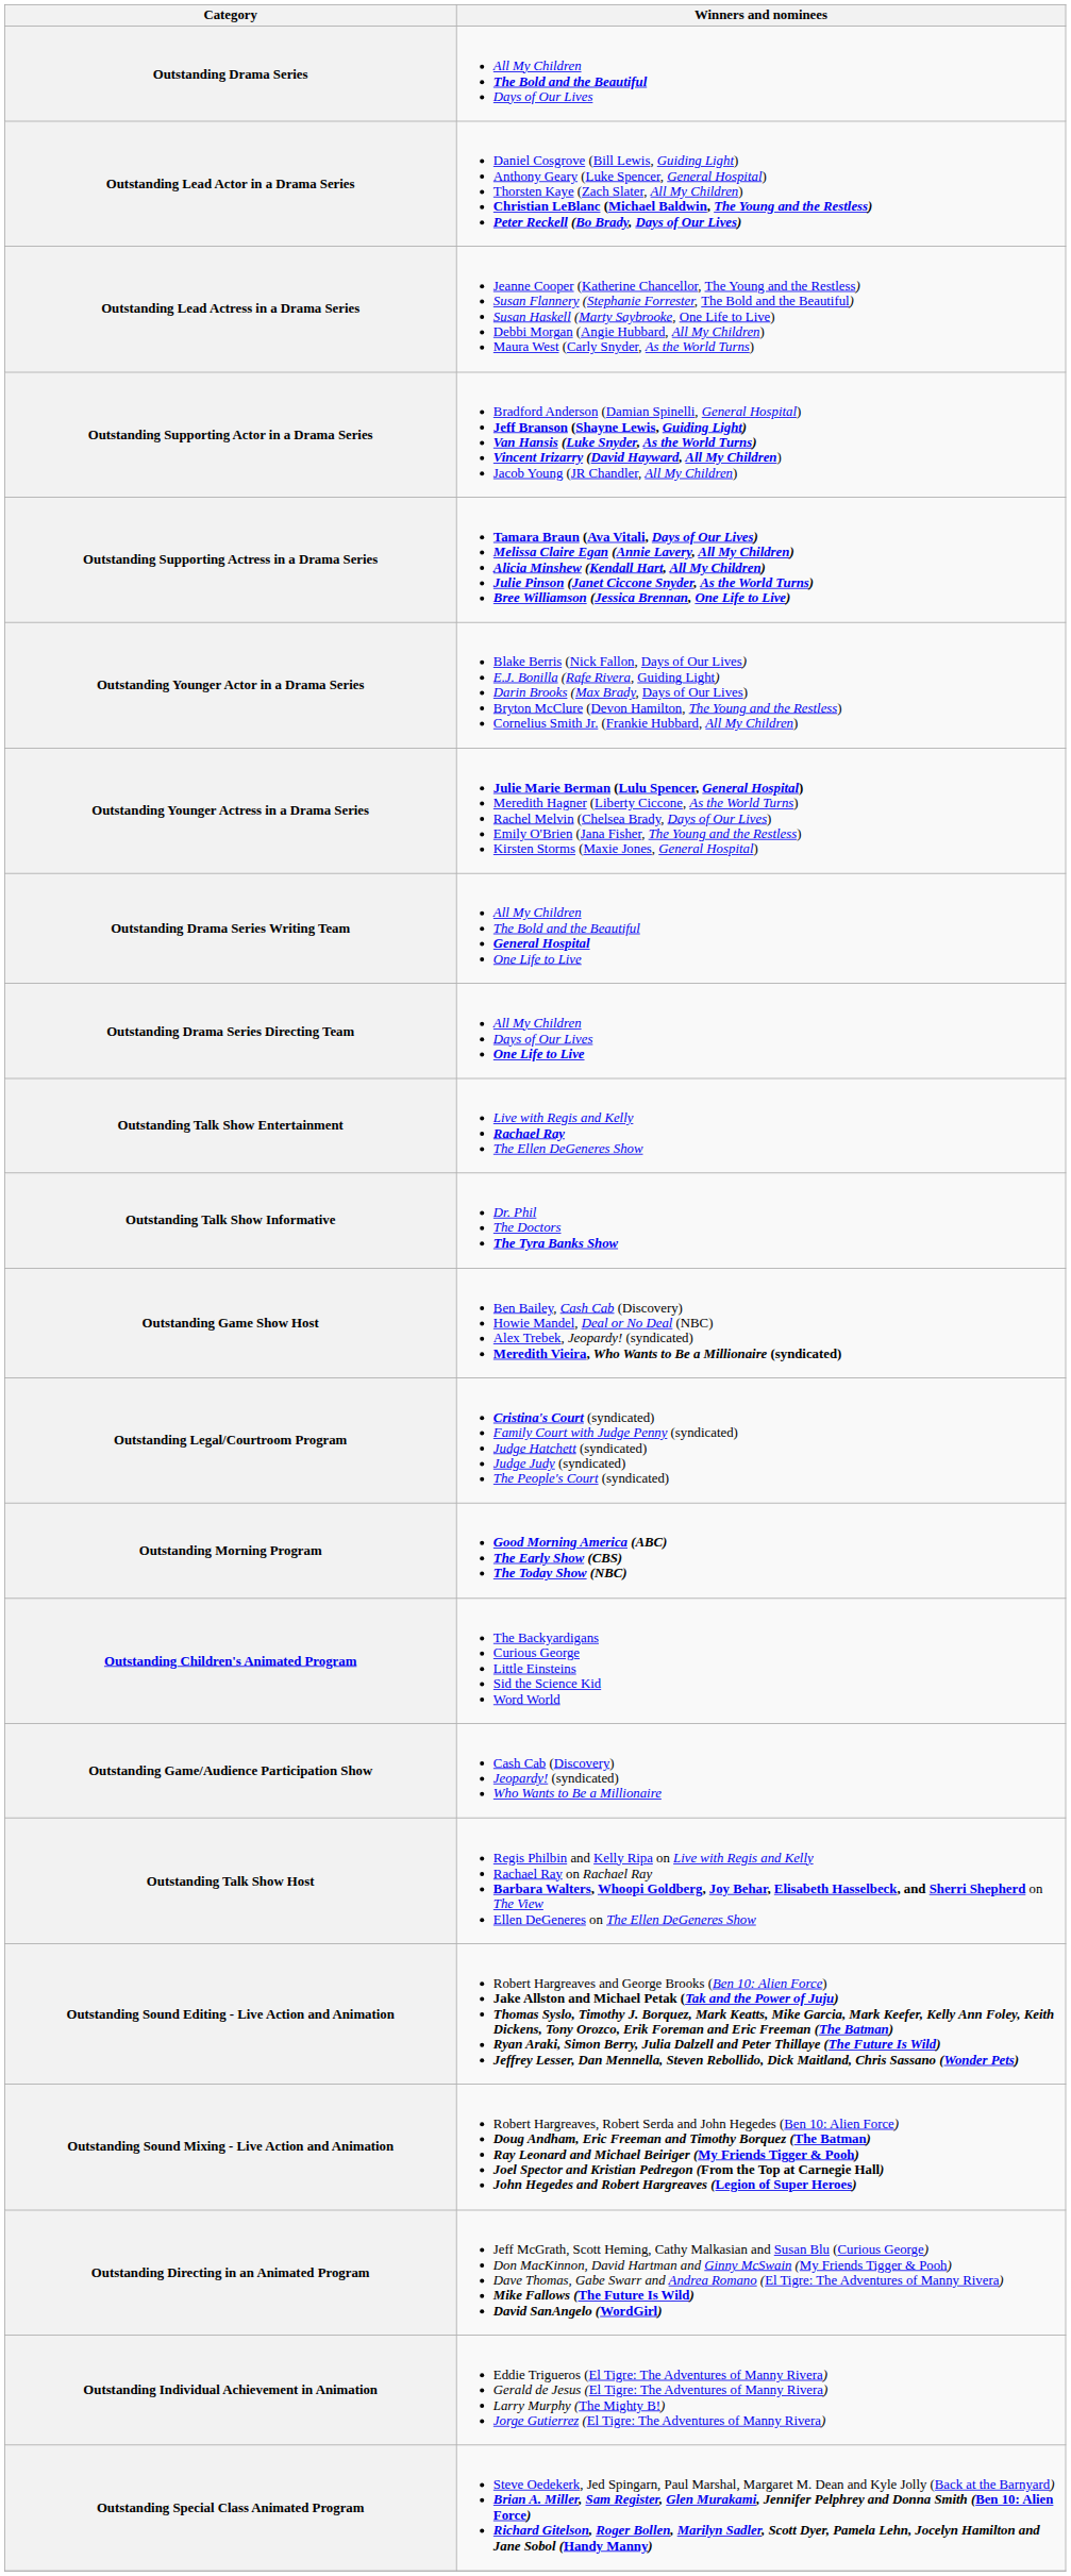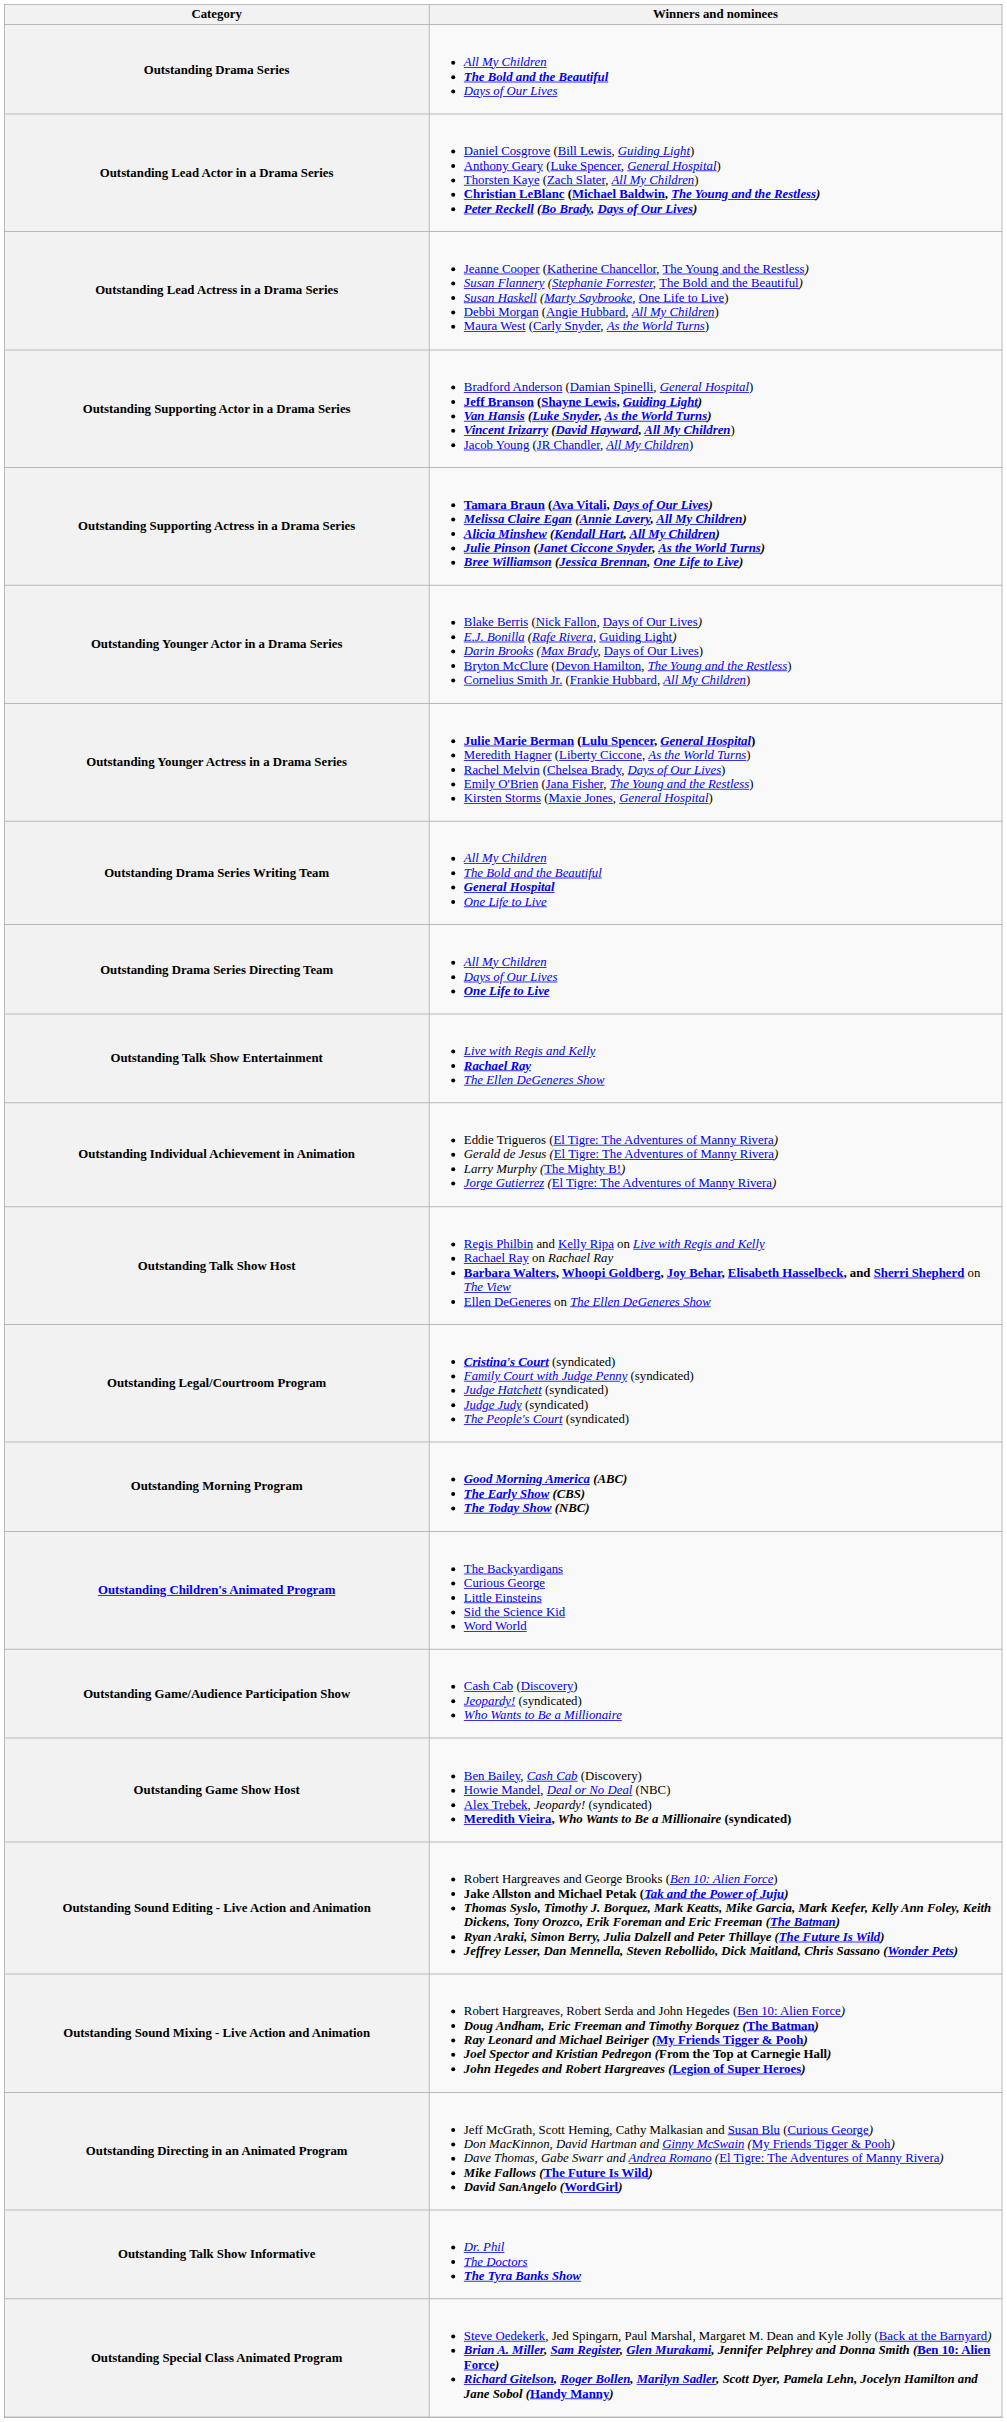 <table class="wikitable sortable">
 <tr>
 <th scope="col"  style="width:20%;">Category</th>
 <th scope="col" style="width:27%;">Winners and nominees</th>
 </tr>
 <tr>
 <th scope="row" style="width=50%">Outstanding Drama Series</th>
 <td><br><ul><li><em><a href='#'>All My Children</a></em></li><li><strong><em><a href='#'>The Bold and the Beautiful</a></em></strong></li><li><em><a href='#'>Days of Our Lives</a></em></li></ul></td>
 </tr>
 <tr>
 <th scope="row" style="width=50%">Outstanding Lead Actor in a Drama Series</th>
 <td><br><ul><li><a href='#'>Daniel Cosgrove</a> (<a href='#'>Bill Lewis</a>, <em><a href='#'>Guiding Light</a></em>)</li><li><a href='#'>Anthony Geary</a> (<a href='#'>Luke Spencer</a>, <em><a href='#'>General Hospital</a></em>)</li><li><a href='#'>Thorsten Kaye</a> (<a href='#'>Zach Slater</a>, <em><a href='#'>All My Children</a></em>)</li><li><strong><a href='#'>Christian LeBlanc</a> (<a href='#'>Michael Baldwin</a>, <em><a href='#'>The Young and the Restless</a><strong><em>)</li><li><a href='#'>Peter Reckell</a> (<a href='#'>Bo Brady</a>, </em><a href='#'>Days of Our Lives</a><em>)</li></ul></td>
 </tr>
 <tr>
 <th scope="row" style="width=50%">Outstanding Lead Actress in a Drama Series</th>
 <td><br><ul><li><a href='#'>Jeanne Cooper</a> (<a href='#'>Katherine Chancellor</a>, </em><a href='#'>The Young and the Restless</a><em>)</li><li><a href='#'>Susan Flannery</a> (<a href='#'>Stephanie Forrester</a>, </em><a href='#'>The Bold and the Beautiful</a><em>)</li><li></strong><a href='#'>Susan Haskell</a> (<a href='#'>Marty Saybrooke</a>, </em><a href='#'>One Life to Live</a></em></strong>)</li><li><a href='#'>Debbi Morgan</a> (<a href='#'>Angie Hubbard</a>, <em><a href='#'>All My Children</a></em>)</li><li><a href='#'>Maura West</a> (<a href='#'>Carly Snyder</a>, <em><a href='#'>As the World Turns</a></em>)</li></ul></td>
 </tr>
 <tr>
 <th scope="row" style="width=50%">Outstanding Supporting Actor in a Drama Series</th>
 <td><br><ul><li><a href='#'>Bradford Anderson</a> (<a href='#'>Damian Spinelli</a>, <em><a href='#'>General Hospital</a></em>)</li><li><strong><a href='#'>Jeff Branson</a> (<a href='#'>Shayne Lewis</a>, <em><a href='#'>Guiding Light</a><strong><em>)</li><li><a href='#'>Van Hansis</a> (<a href='#'>Luke Snyder</a>, </em><a href='#'>As the World Turns</a><em>)</li><li></strong><a href='#'>Vincent Irizarry</a> (<a href='#'>David Hayward</a>, </em><a href='#'>All My Children</a></em></strong>)</li><li><a href='#'>Jacob Young</a> (<a href='#'>JR Chandler</a>, <em><a href='#'>All My Children</a></em>)</li></ul></td>
 </tr>
 <tr>
 <th scope="row" style="width=50%">Outstanding Supporting Actress in a Drama Series</th>
 <td><br><ul><li><strong><a href='#'>Tamara Braun</a> (<a href='#'>Ava Vitali</a>, <em><a href='#'>Days of Our Lives</a><strong><em>)</li><li><a href='#'>Melissa Claire Egan</a> (<a href='#'>Annie Lavery</a>, </em><a href='#'>All My Children</a><em>)</li><li><a href='#'>Alicia Minshew</a> (<a href='#'>Kendall Hart</a>, </em><a href='#'>All My Children</a><em>)</li><li><a href='#'>Julie Pinson</a> (<a href='#'>Janet Ciccone Snyder</a>, </em><a href='#'>As the World Turns</a><em>)</li><li><a href='#'>Bree Williamson</a> (<a href='#'>Jessica Brennan</a>, </em><a href='#'>One Life to Live</a><em>)</li></ul></td>
 </tr>
 <tr>
 <th scope="row" style="width=50%">Outstanding Younger Actor in a Drama Series</th>
 <td><br><ul><li><a href='#'>Blake Berris</a> (<a href='#'>Nick Fallon</a>, </em><a href='#'>Days of Our Lives</a><em>)</li><li><a href='#'>E.J. Bonilla</a> (<a href='#'>Rafe Rivera</a>, </em><a href='#'>Guiding Light</a><em>)</li><li></strong><a href='#'>Darin Brooks</a> (<a href='#'>Max Brady</a>, </em><a href='#'>Days of Our Lives</a></em></strong>)</li><li><a href='#'>Bryton McClure</a> (<a href='#'>Devon Hamilton</a>, <em><a href='#'>The Young and the Restless</a></em>)</li><li><a href='#'>Cornelius Smith Jr.</a> (<a href='#'>Frankie Hubbard</a>, <em><a href='#'>All My Children</a></em>)</li></ul></td>
 </tr>
 <tr>
 <th scope="row" style="width=50%">Outstanding Younger Actress in a Drama Series</th>
 <td><br><ul><li><strong><a href='#'>Julie Marie Berman</a> (<a href='#'>Lulu Spencer</a>, <em><a href='#'>General Hospital</a></em>)</strong></li><li><a href='#'>Meredith Hagner</a> (<a href='#'>Liberty Ciccone</a>, <em><a href='#'>As the World Turns</a></em>)</li><li><a href='#'>Rachel Melvin</a> (<a href='#'>Chelsea Brady</a>, <em><a href='#'>Days of Our Lives</a></em>)</li><li><a href='#'>Emily O'Brien</a> (<a href='#'>Jana Fisher</a>, <em><a href='#'>The Young and the Restless</a></em>)</li><li><a href='#'>Kirsten Storms</a> (<a href='#'>Maxie Jones</a>, <em><a href='#'>General Hospital</a></em>)</li></ul></td>
 </tr>
 <tr>
 <th scope="row" style="width=50%">Outstanding Drama Series Writing Team</th>
 <td><br><ul><li><em><a href='#'>All My Children</a></em></li><li><em><a href='#'>The Bold and the Beautiful</a></em></li><li><strong><em><a href='#'>General Hospital</a></em></strong></li><li><em><a href='#'>One Life to Live</a></em></li></ul></td>
 </tr>
 <tr>
 <th scope="row" style="width=50%">Outstanding Drama Series Directing Team</th>
 <td><br><ul><li><em><a href='#'>All My Children</a></em></li><li><em><a href='#'>Days of Our Lives</a></em></li><li><strong><em><a href='#'>One Life to Live</a></em></strong></li></ul></td>
 </tr>
 <tr>
 <th scope="row" style="width=50%">Outstanding Talk Show Entertainment</th>
 <td><br><ul><li><em><a href='#'>Live with Regis and Kelly</a></em></li><li><strong><em><a href='#'>Rachael Ray</a></em></strong></li><li><em><a href='#'>The Ellen DeGeneres Show</a></em></li></ul></td>
 </tr>
 <tr>
-<th scope="row" style="width=50%">Outstanding Talk Show Informative</th>
-<td><br><ul><li><em><a href='#'>Dr. Phil</a></em></li><li><em><a href='#'>The Doctors</a></em></li><li><strong><em><a href='#'>The Tyra Banks Show</a></em></strong></li></ul></td>
+<th scope="row" style="width=50%">Outstanding Individual Achievement in Animation</th>
+<td><br><ul><li></strong>Eddie Trigueros (</em><a href='#'>El Tigre: The Adventures of Manny Rivera</a><em>)<strong></li><li></strong>Gerald de Jesus (</em><a href='#'>El Tigre: The Adventures of Manny Rivera</a><em>)<strong></li><li></strong>Larry Murphy (</em><a href='#'>The Mighty B!</a><em>)<strong></li><li></strong><a href='#'>Jorge Gutierrez</a> (</em><a href='#'>El Tigre: The Adventures of Manny Rivera</a><em>)<strong></li></ul></td>
 </tr>
 <tr>
-<th scope="row" style="width=50%">Outstanding Game Show Host</th>
-<td><br><ul><li><a href='#'>Ben Bailey</a>, <em><a href='#'>Cash Cab</a></em> (Discovery)</li><li><a href='#'>Howie Mandel</a>, <em><a href='#'>Deal or No Deal</a></em> (NBC)</li><li><a href='#'>Alex Trebek</a>, <em>Jeopardy!</em> (syndicated)</li><li><strong><a href='#'>Meredith Vieira</a>, <em>Who Wants to Be a Millionaire</em> (syndicated)</strong></li></ul></td>
+<th scope="row" style="width=50%">Outstanding Talk Show Host</th>
+<td><br><ul><li><a href='#'>Regis Philbin</a> and <a href='#'>Kelly Ripa</a> on <em><a href='#'>Live with Regis and Kelly</a></em></li><li><a href='#'>Rachael Ray</a> on <em>Rachael Ray</em></li><li><strong><a href='#'>Barbara Walters</a>, <a href='#'>Whoopi Goldberg</a>, <a href='#'>Joy Behar</a>, <a href='#'>Elisabeth Hasselbeck</a>, and <a href='#'>Sherri Shepherd</a></strong> on <em><a href='#'>The View</a></em></li><li><a href='#'>Ellen DeGeneres</a> on <em><a href='#'>The Ellen DeGeneres Show</a></em></li></ul></td>
 </tr>
 <tr>
 <th scope="row" style="width=50%">Outstanding Legal/Courtroom Program</th>
 <td><br><ul><li><strong><em><a href='#'>Cristina's Court</a></em></strong> (syndicated)</li><li><em><a href='#'>Family Court with Judge Penny</a></em> (syndicated)</li><li><em><a href='#'>Judge Hatchett</a></em> (syndicated)</li><li><em><a href='#'>Judge Judy</a></em> (syndicated)</li><li><em><a href='#'>The People's Court</a></em> (syndicated)</li></ul></td>
 </tr>
 <tr>
 <th scope="row" style="width=50%">Outstanding Morning Program</th>
 <td><br><ul><li><strong><em><a href='#'>Good Morning America</a><em> (ABC)<strong></li><li></em><a href='#'>The Early Show</a><em> (CBS)</li><li></em><a href='#'>The Today Show</a><em> (NBC)</li></ul></td>
 </tr>
 <tr>
 <th scope="row" style="width=50%"><a href='#'>Outstanding Children's Animated Program</a></th>
 <td><br><ul><li></em><a href='#'>The Backyardigans</a><em></li><li></em><a href='#'>Curious George</a><em></li><li></em><a href='#'>Little Einsteins</a><em></li><li></em><a href='#'>Sid the Science Kid</a><em></li><li></em></strong><a href='#'>Word World</a><strong><em></li></ul></td>
 </tr>
 <tr>
 <th scope="row" style="width=50%">Outstanding Game/Audience Participation Show</th>
 <td><br><ul><li></em></strong><a href='#'>Cash Cab</a></em> (<a href='#'>Discovery</a>)</strong></li><li><em><a href='#'>Jeopardy!</a></em> (syndicated)</li><li><em><a href='#'>Who Wants to Be a Millionaire</a></em></li></ul></td>
 </tr>
 <tr>
-<th scope="row" style="width=50%">Outstanding Talk Show Host</th>
-<td><br><ul><li><a href='#'>Regis Philbin</a> and <a href='#'>Kelly Ripa</a> on <em><a href='#'>Live with Regis and Kelly</a></em></li><li><a href='#'>Rachael Ray</a> on <em>Rachael Ray</em></li><li><strong><a href='#'>Barbara Walters</a>, <a href='#'>Whoopi Goldberg</a>, <a href='#'>Joy Behar</a>, <a href='#'>Elisabeth Hasselbeck</a>, and <a href='#'>Sherri Shepherd</a></strong> on <em><a href='#'>The View</a></em></li><li><a href='#'>Ellen DeGeneres</a> on <em><a href='#'>The Ellen DeGeneres Show</a></em></li></ul></td>
+<th scope="row" style="width=50%">Outstanding Game Show Host</th>
+<td><br><ul><li><a href='#'>Ben Bailey</a>, <em><a href='#'>Cash Cab</a></em> (Discovery)</li><li><a href='#'>Howie Mandel</a>, <em><a href='#'>Deal or No Deal</a></em> (NBC)</li><li><a href='#'>Alex Trebek</a>, <em>Jeopardy!</em> (syndicated)</li><li><strong><a href='#'>Meredith Vieira</a>, <em>Who Wants to Be a Millionaire</em> (syndicated)</strong></li></ul></td>
 </tr>
 <tr>
 <th scope="row" style="width=50%">Outstanding Sound Editing - Live Action and Animation</th>
 <td><br><ul><li>Robert Hargreaves and George Brooks (<em><a href='#'>Ben 10: Alien Force</a></em>)</li><li><strong>Jake Allston and Michael Petak (<em><a href='#'>Tak and the Power of Juju</a>)<strong><em></li><li>Thomas Syslo, Timothy J. Borquez, Mark Keatts, Mike Garcia, Mark Keefer, Kelly Ann Foley, Keith Dickens, Tony Orozco, Erik Foreman and Eric Freeman (</em><a href='#'>The Batman</a><em>)</li><li>Ryan Araki, Simon Berry, Julia Dalzell and Peter Thillaye (</em><a href='#'>The Future Is Wild</a><em>)</li><li>Jeffrey Lesser, Dan Mennella, Steven Rebollido, Dick Maitland, Chris Sassano (</em><a href='#'>Wonder Pets</a><em>)</li></ul></td>
 </tr>
 <tr>
 <th scope="row" style="width=50%">Outstanding Sound Mixing - Live Action and Animation</th>
 <td><br><ul><li></strong>Robert Hargreaves, Robert Serda and John Hegedes (</em><a href='#'>Ben 10: Alien Force</a><em>)<strong></li><li>Doug Andham, Eric Freeman and Timothy Borquez (</em><a href='#'>The Batman</a><em>)</li><li>Ray Leonard and Michael Beiriger (</em><a href='#'>My Friends Tigger & Pooh</a><em>)</li><li>Joel Spector and Kristian Pedregon (</em>From the Top at Carnegie Hall<em>)</li><li>John Hegedes and Robert Hargreaves (</em><a href='#'>Legion of Super Heroes</a><em>)</li></ul></td>
 </tr>
 <tr>
 <th scope="row" style="width=50%">Outstanding Directing in an Animated Program</th>
 <td><br><ul><li>Jeff McGrath, Scott Heming, Cathy Malkasian and <a href='#'>Susan Blu</a> (</em><a href='#'>Curious George</a><em>)</li><li>Don MacKinnon, David Hartman and <a href='#'>Ginny McSwain</a> (</em><a href='#'>My Friends Tigger & Pooh</a><em>)</li><li></strong>Dave Thomas, Gabe Swarr and <a href='#'>Andrea Romano</a> (</em><a href='#'>El Tigre: The Adventures of Manny Rivera</a><em>)<strong></li><li>Mike Fallows (</em><a href='#'>The Future Is Wild</a><em>)</li><li>David SanAngelo (</em><a href='#'>WordGirl</a><em>)</li></ul></td>
 </tr>
 <tr>
-<th scope="row" style="width=50%">Outstanding Individual Achievement in Animation</th>
-<td><br><ul><li></strong>Eddie Trigueros (</em><a href='#'>El Tigre: The Adventures of Manny Rivera</a><em>)<strong></li><li></strong>Gerald de Jesus (</em><a href='#'>El Tigre: The Adventures of Manny Rivera</a><em>)<strong></li><li></strong>Larry Murphy (</em><a href='#'>The Mighty B!</a><em>)<strong></li><li></strong><a href='#'>Jorge Gutierrez</a> (</em><a href='#'>El Tigre: The Adventures of Manny Rivera</a><em>)<strong></li></ul></td>
+<th scope="row" style="width=50%">Outstanding Talk Show Informative</th>
+<td><br><ul><li><em><a href='#'>Dr. Phil</a></em></li><li><em><a href='#'>The Doctors</a></em></li><li><strong><em><a href='#'>The Tyra Banks Show</a></em></strong></li></ul></td>
 </tr>
 <tr>
 <th scope="row" style="width=50%">Outstanding Special Class Animated Program</th>
 <td><br><ul><li></strong><a href='#'>Steve Oedekerk</a>, Jed Spingarn, Paul Marshal, Margaret M. Dean and Kyle Jolly (</em><a href='#'>Back at the Barnyard</a><em>)<strong></li><li><a href='#'>Brian A. Miller</a>, <a href='#'>Sam Register</a>, <a href='#'>Glen Murakami</a>, Jennifer Pelphrey and Donna Smith (</em><a href='#'>Ben 10: Alien Force</a><em>)</li><li><a href='#'>Richard Gitelson</a>, <a href='#'>Roger Bollen</a>, <a href='#'>Marilyn Sadler</a>, Scott Dyer, Pamela Lehn, Jocelyn Hamilton and Jane Sobol (</em><a href='#'>Handy Manny</a><em>)</li></ul></td>
 </tr>
 <tr>
 </tr>
 </table>
